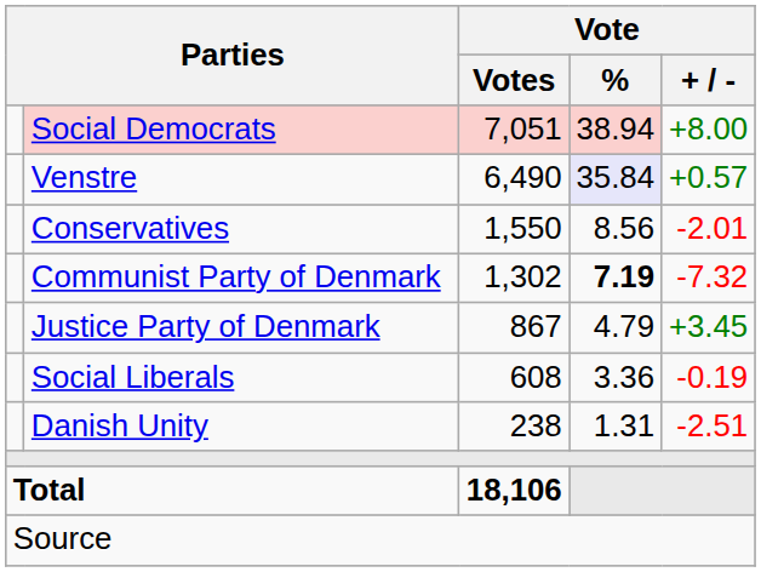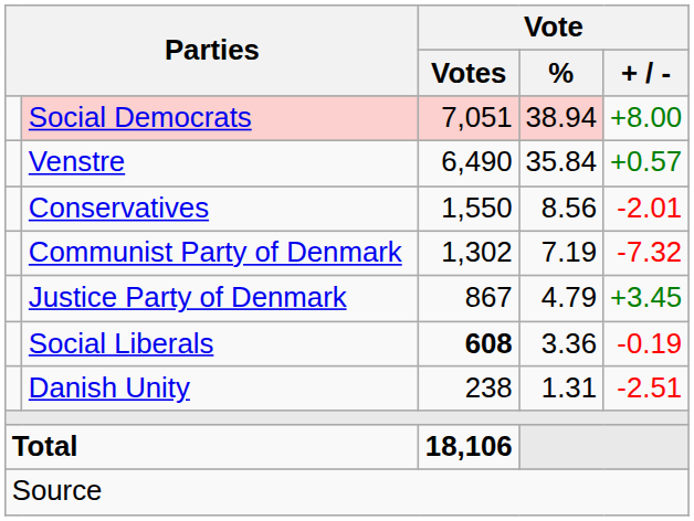 <table class="wikitable" style="text-align:right;">
 <tr>
 <th style="text-align:centre;" rowspan="2" colspan="2" width="225">Parties</th>
 <th colspan="3">Vote</th>
 </tr>
 <tr>
 <th width="15">Votes</th>
 <th width="15">%</th>
 <th width="15">+ / -</th>
 </tr>
 <tr>
 <td width="2" style="color:inherit;background:"></td>
 <td bgcolor=#fbd0ce  align="left"><a href='#'>Social Democrats</a></td>
 <td bgcolor=#fbd0ce>7,051</td>
 <td bgcolor=#fbd0ce>38.94</td>
 <td style=color:green;>+8.00</td>
 </tr>
 <tr>
 <td width="2" style="color:inherit;background:"></td>
 <td align="left"><a href='#'>Venstre</a></td>
 <td>6,490</td>
-<td style="background: lavender;">35.84</td>
+<td>35.84</td>
 <td style=color:green;>+0.57</td>
 </tr>
 <tr>
 <td width="2" style="color:inherit;background:"></td>
 <td align="left"><a href='#'>Conservatives</a></td>
 <td>1,550</td>
 <td>8.56</td>
 <td style=color:red;>-2.01</td>
 </tr>
 <tr>
 <td width="2" style="color:inherit;background:"></td>
 <td align="left"><a href='#'>Communist Party of Denmark</a></td>
 <td>1,302</td>
-<td><strong>7.19</strong></td>
+<td>7.19</td>
 <td style=color:red;>-7.32</td>
 </tr>
 <tr>
 <td width="2" style="color:inherit;background:"></td>
 <td align="left"><a href='#'>Justice Party of Denmark</a></td>
 <td>867</td>
 <td>4.79</td>
 <td style=color:green;>+3.45</td>
 </tr>
 <tr>
 <td width="2" style="color:inherit;background:"></td>
 <td align="left"><a href='#'>Social Liberals</a></td>
-<td>608</td>
+<td><strong>608</strong></td>
 <td>3.36</td>
 <td style=color:red;>-0.19</td>
 </tr>
 <tr>
 <td width="2" style="color:inherit;background:"></td>
 <td align="left"><a href='#'>Danish Unity</a></td>
 <td>238</td>
 <td>1.31</td>
 <td style=color:red;>-2.51</td>
 </tr>
 <tr>
 <td colspan="7" bgcolor="#E9E9E9"></td>
 </tr>
 <tr>
 <td align="left" colspan="2"><strong>Total</strong></td>
 <td><strong>18,106</strong></td>
 <td bgcolor="#E9E9E9" colspan="2"></td>
 </tr>
 <tr>
 <td align="left" colspan="6">Source</td>
 </tr>
 </table>
